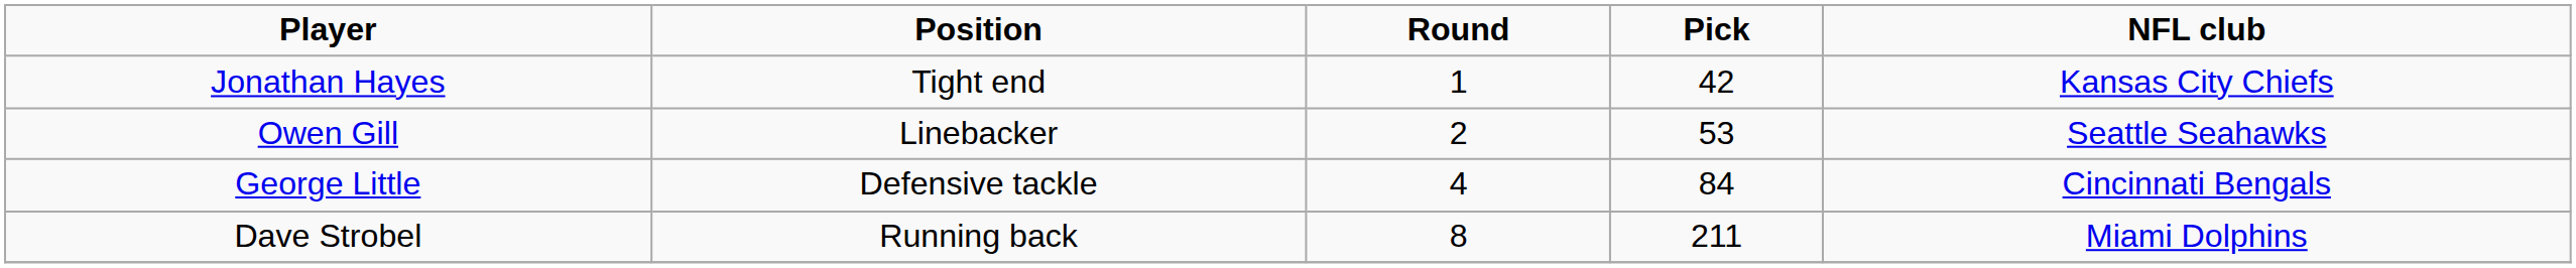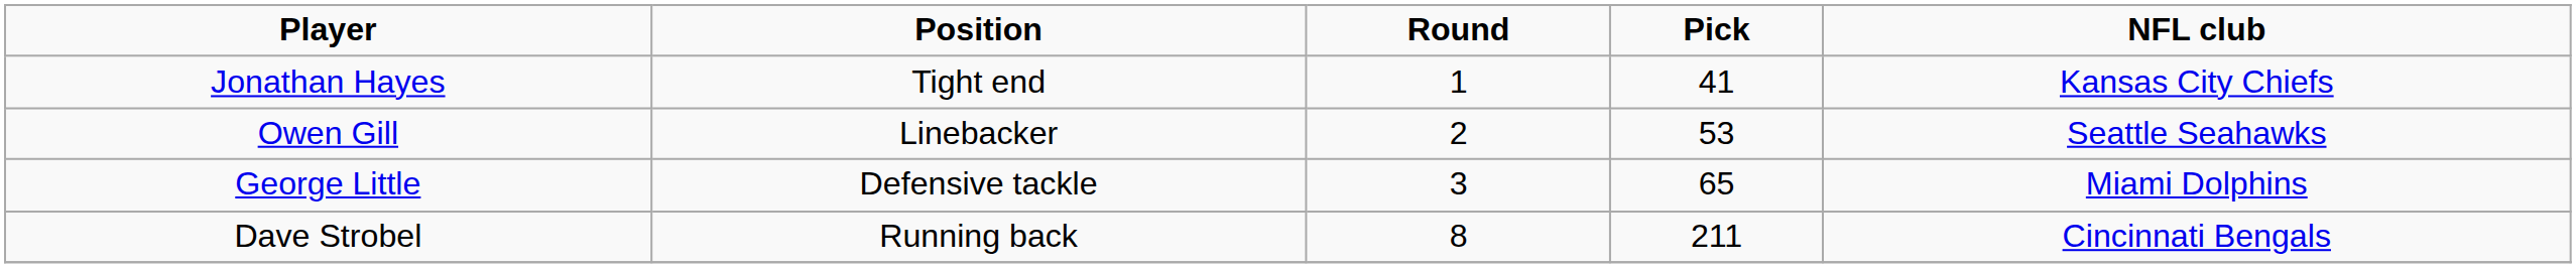 <table class="wikitable" width="80%">
 <tr align="center">
 <td><strong>Player</strong></td>
 <td><strong>Position</strong></td>
 <td><strong>Round</strong></td>
 <td><strong>Pick</strong></td>
 <td><strong>NFL club</strong></td>
 </tr>
 <tr align="center" bgcolor="">
 <td><a href='#'>Jonathan Hayes</a></td>
 <td>Tight end</td>
 <td>1</td>
-<td>42</td>
+<td>41</td>
 <td><a href='#'>Kansas City Chiefs</a></td>
 </tr>
 <tr align="center" bgcolor="">
 <td><a href='#'>Owen Gill</a></td>
 <td>Linebacker</td>
 <td>2</td>
 <td>53</td>
 <td><a href='#'>Seattle Seahawks</a></td>
 </tr>
 <tr align="center" bgcolor="">
 <td><a href='#'>George Little</a></td>
 <td>Defensive tackle</td>
-<td>4</td>
-<td>84</td>
-<td><a href='#'>Cincinnati Bengals</a></td>
+<td>3</td>
+<td>65</td>
+<td><a href='#'>Miami Dolphins</a></td>
 </tr>
 <tr align="center" bgcolor="">
 <td>Dave Strobel</td>
 <td>Running back</td>
 <td>8</td>
 <td>211</td>
-<td><a href='#'>Miami Dolphins</a></td>
+<td><a href='#'>Cincinnati Bengals</a></td>
 </tr>
 <tr align="center" bgcolor="">
 </tr>
 </table>
